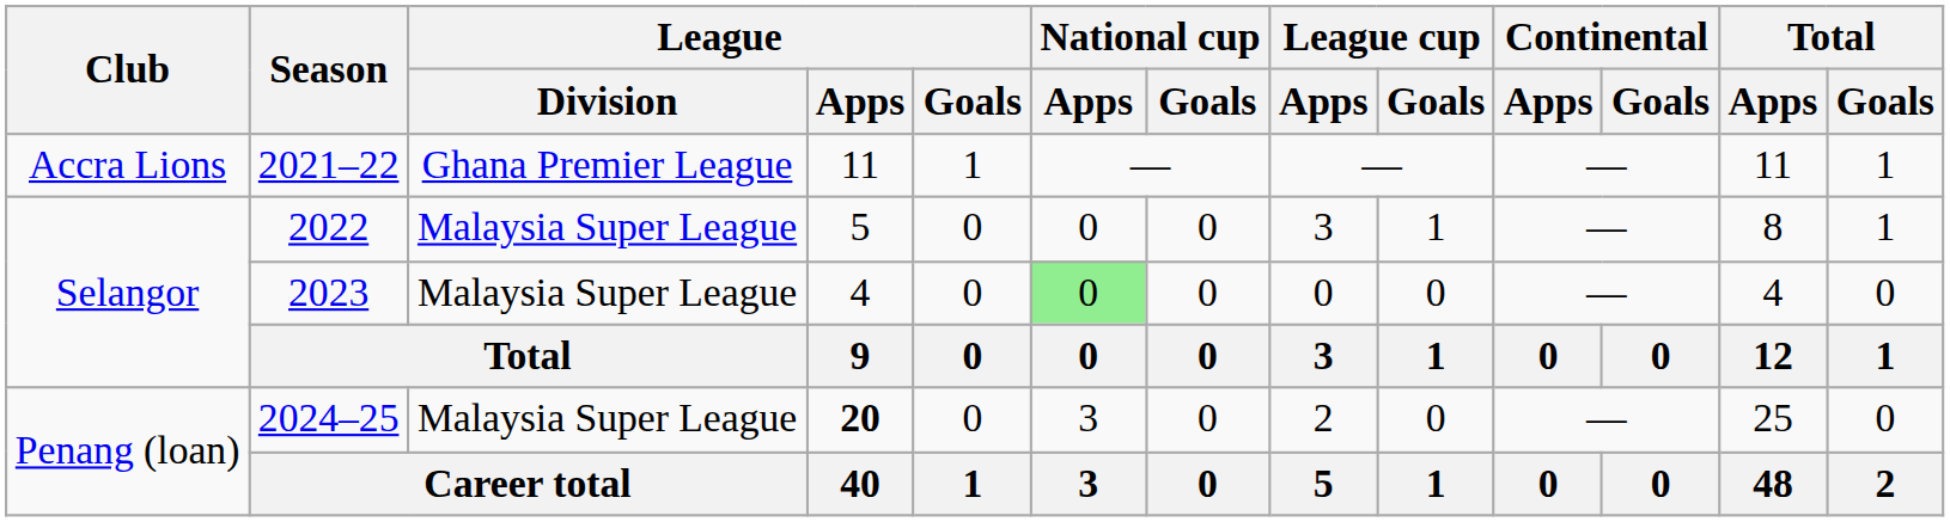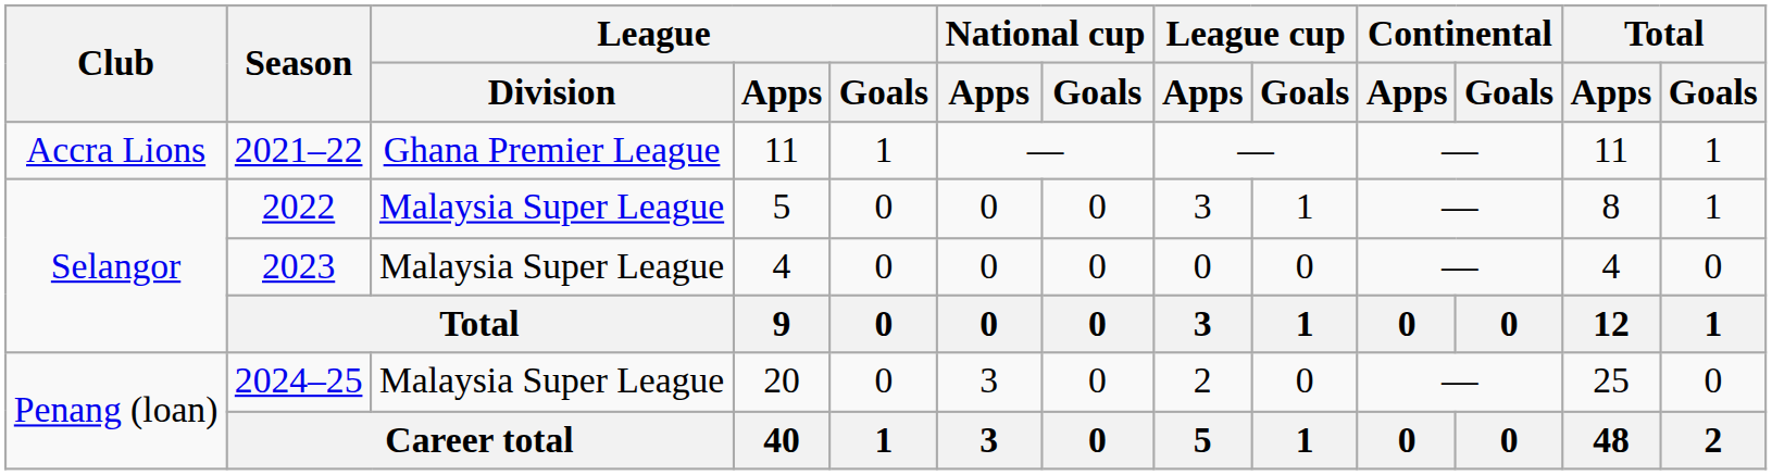 <table class="wikitable" style="text-align:center">
 <tr>
 <th rowspan="2">Club</th>
 <th rowspan="2">Season</th>
 <th colspan="3">League</th>
 <th colspan="2">National cup</th>
 <th colspan="2">League cup</th>
 <th colspan="2">Continental</th>
 <th colspan="2">Total</th>
 </tr>
 <tr>
 <th>Division</th>
 <th>Apps</th>
 <th>Goals</th>
 <th>Apps</th>
 <th>Goals</th>
 <th>Apps</th>
 <th>Goals</th>
 <th>Apps</th>
 <th>Goals</th>
 <th>Apps</th>
 <th>Goals</th>
 </tr>
 <tr>
 <td><a href='#'>Accra Lions</a></td>
 <td><a href='#'>2021–22</a></td>
 <td><a href='#'>Ghana Premier League</a></td>
 <td>11</td>
 <td>1</td>
 <td colspan="2">—</td>
 <td colspan="2">—</td>
 <td colspan="2">—</td>
 <td>11</td>
 <td>1</td>
 </tr>
 <tr>
 <td rowspan="3"><a href='#'>Selangor</a></td>
 <td><a href='#'>2022</a></td>
 <td><a href='#'>Malaysia Super League</a></td>
 <td>5</td>
 <td>0</td>
 <td>0</td>
 <td>0</td>
 <td>3</td>
 <td>1</td>
 <td colspan="2">—</td>
 <td>8</td>
 <td>1</td>
 </tr>
 <tr>
 <td><a href='#'>2023</a></td>
 <td>Malaysia Super League</td>
 <td>4</td>
 <td>0</td>
-<td style="background: lightgreen;">0</td>
+<td>0</td>
 <td>0</td>
 <td>0</td>
 <td>0</td>
 <td colspan="2">—</td>
 <td>4</td>
 <td>0</td>
 </tr>
 <tr>
 <th colspan="2">Total</th>
 <th>9</th>
 <th>0</th>
 <th>0</th>
 <th>0</th>
 <th>3</th>
 <th>1</th>
 <th>0</th>
 <th>0</th>
 <th>12</th>
 <th>1</th>
 </tr>
 <tr>
 <td rowspan="2"><a href='#'>Penang</a> (loan)</td>
 <td><a href='#'>2024–25</a></td>
 <td>Malaysia Super League</td>
-<td><strong>20</strong></td>
+<td>20</td>
 <td>0</td>
 <td>3</td>
 <td>0</td>
 <td>2</td>
 <td>0</td>
 <td colspan="2">—</td>
 <td>25</td>
 <td>0</td>
 </tr>
 <tr>
 <th colspan="2">Career total</th>
 <th>40</th>
 <th>1</th>
 <th>3</th>
 <th>0</th>
 <th>5</th>
 <th>1</th>
 <th>0</th>
 <th>0</th>
 <th>48</th>
 <th>2</th>
 </tr>
 </table>
